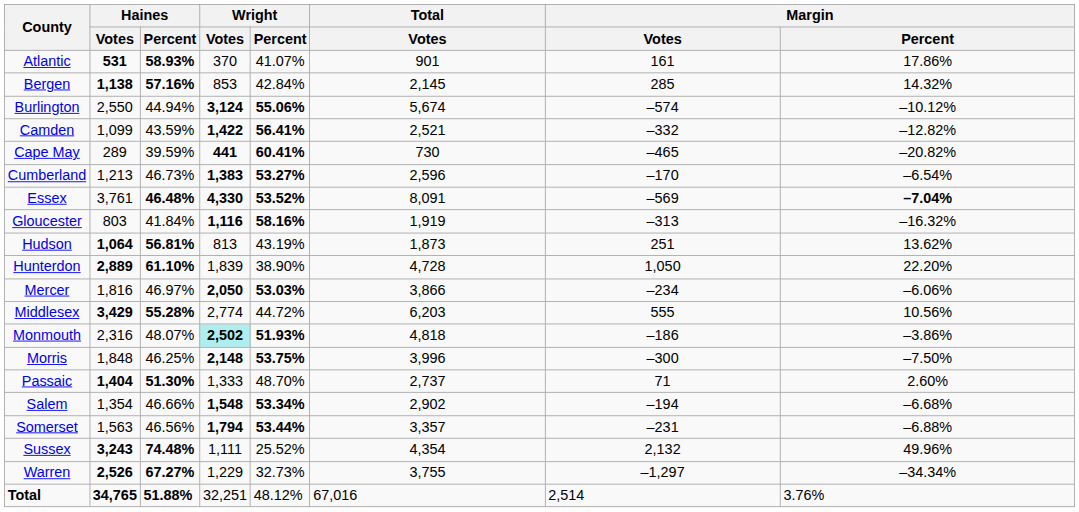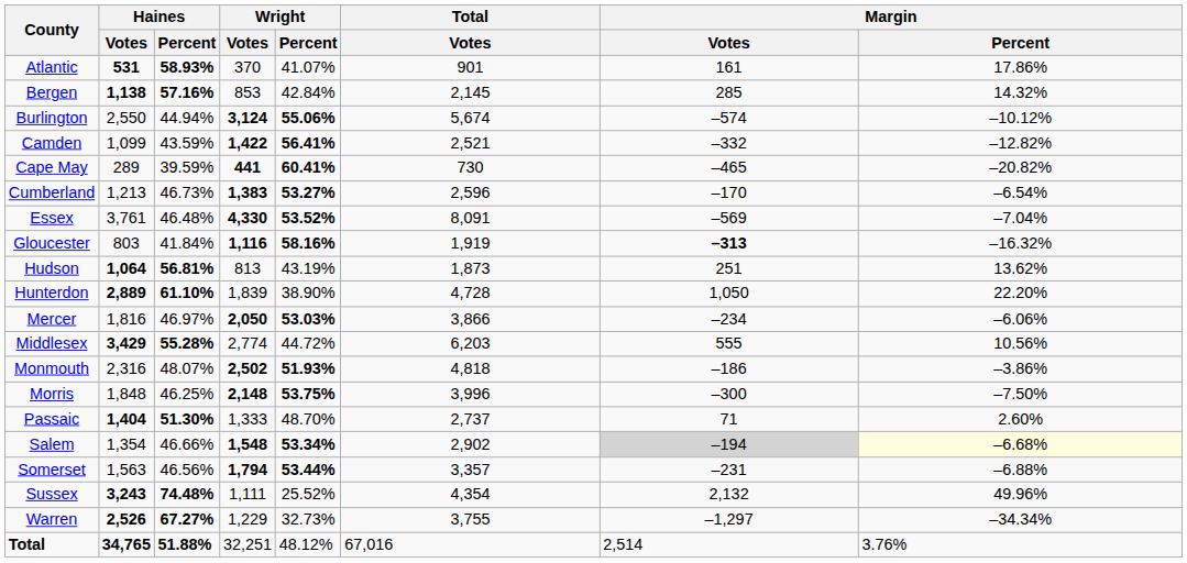 <table style="width:60%;" class="wikitable sortable">
 <tr style="background:lightgrey;">
 <th style="width:3%;" rowspan=2>County</th>
 <th style="width:2%;" colspan="2">Haines</th>
 <th style="width:2%;" colspan=2>Wright</th>
 <th>Total</th>
 <th colspan="2">Margin</th>
 </tr>
 <tr>
 <th>Votes</th>
 <th>Percent</th>
 <th>Votes</th>
 <th>Percent</th>
 <th>Votes</th>
 <th>Votes</th>
 <th>Percent</th>
 </tr>
 <tr style="text-align:center;"|>
 <td><a href='#'>Atlantic</a></td>
 <td><strong>531</strong></td>
 <td><strong>58.93%</strong></td>
 <td>370</td>
 <td>41.07%</td>
 <td>901</td>
 <td>161</td>
 <td>17.86%</td>
 </tr>
 <tr style="text-align:center;"|>
 <td><a href='#'>Bergen</a></td>
 <td><strong>1,138</strong></td>
 <td><strong>57.16%</strong></td>
 <td>853</td>
 <td>42.84%</td>
 <td>2,145</td>
 <td>285</td>
 <td>14.32%</td>
 </tr>
 <tr style="text-align:center;"|>
 <td><a href='#'>Burlington</a></td>
 <td>2,550</td>
 <td>44.94%</td>
 <td><strong>3,124</strong></td>
 <td><strong>55.06%</strong></td>
 <td>5,674</td>
 <td>–574</td>
 <td>–10.12%</td>
 </tr>
 <tr style="text-align:center;"|>
 <td><a href='#'>Camden</a></td>
 <td>1,099</td>
 <td>43.59%</td>
 <td><strong>1,422</strong></td>
 <td><strong>56.41%</strong></td>
 <td>2,521</td>
 <td>–332</td>
 <td>–12.82%</td>
 </tr>
 <tr style="text-align:center;"|>
 <td><a href='#'>Cape May</a></td>
 <td>289</td>
 <td>39.59%</td>
 <td><strong>441</strong></td>
 <td><strong>60.41%</strong></td>
 <td>730</td>
 <td>–465</td>
 <td>–20.82%</td>
 </tr>
 <tr style="text-align:center;"|>
 <td><a href='#'>Cumberland</a></td>
 <td>1,213</td>
 <td>46.73%</td>
 <td><strong>1,383</strong></td>
 <td><strong>53.27%</strong></td>
 <td>2,596</td>
 <td>–170</td>
 <td>–6.54%</td>
 </tr>
 <tr style="text-align:center;"|>
 <td><a href='#'>Essex</a></td>
 <td>3,761</td>
-<td><strong>46.48%</strong></td>
+<td>46.48%</td>
 <td><strong>4,330</strong></td>
 <td><strong>53.52%</strong></td>
 <td>8,091</td>
 <td>–569</td>
-<td><strong>–7.04%</strong></td>
+<td>–7.04%</td>
 </tr>
 <tr style="text-align:center;"|>
 <td><a href='#'>Gloucester</a></td>
 <td>803</td>
 <td>41.84%</td>
 <td><strong>1,116</strong></td>
 <td><strong>58.16%</strong></td>
 <td>1,919</td>
-<td>–313</td>
+<td><strong>–313</strong></td>
 <td>–16.32%</td>
 </tr>
 <tr style="text-align:center;"|>
 <td><a href='#'>Hudson</a></td>
 <td><strong>1,064</strong></td>
 <td><strong>56.81%</strong></td>
 <td>813</td>
 <td>43.19%</td>
 <td>1,873</td>
 <td>251</td>
 <td>13.62%</td>
 </tr>
 <tr style="text-align:center;"|>
 <td><a href='#'>Hunterdon</a></td>
 <td><strong>2,889</strong></td>
 <td><strong>61.10%</strong></td>
 <td>1,839</td>
 <td>38.90%</td>
 <td>4,728</td>
 <td>1,050</td>
 <td>22.20%</td>
 </tr>
 <tr style="text-align:center;"|>
 <td><a href='#'>Mercer</a></td>
 <td>1,816</td>
 <td>46.97%</td>
 <td><strong>2,050</strong></td>
 <td><strong>53.03%</strong></td>
 <td>3,866</td>
 <td>–234</td>
 <td>–6.06%</td>
 </tr>
 <tr style="text-align:center;"|>
 <td><a href='#'>Middlesex</a></td>
 <td><strong>3,429</strong></td>
 <td><strong>55.28%</strong></td>
 <td>2,774</td>
 <td>44.72%</td>
 <td>6,203</td>
 <td>555</td>
 <td>10.56%</td>
 </tr>
 <tr style="text-align:center;"|>
 <td><a href='#'>Monmouth</a></td>
 <td>2,316</td>
 <td>48.07%</td>
-<td style="background: paleturquoise;"><strong>2,502</strong></td>
+<td><strong>2,502</strong></td>
 <td><strong>51.93%</strong></td>
 <td>4,818</td>
 <td>–186</td>
 <td>–3.86%</td>
 </tr>
 <tr style="text-align:center;"|>
 <td><a href='#'>Morris</a></td>
 <td>1,848</td>
 <td>46.25%</td>
 <td><strong>2,148</strong></td>
 <td><strong>53.75%</strong></td>
 <td>3,996</td>
 <td>–300</td>
 <td>–7.50%</td>
 </tr>
 <tr style="text-align:center;"|>
 <td><a href='#'>Passaic</a></td>
 <td><strong>1,404</strong></td>
 <td><strong>51.30%</strong></td>
 <td>1,333</td>
 <td>48.70%</td>
 <td>2,737</td>
 <td>71</td>
 <td>2.60%</td>
 </tr>
 <tr style="text-align:center;"|>
 <td><a href='#'>Salem</a></td>
 <td>1,354</td>
 <td>46.66%</td>
 <td><strong>1,548</strong></td>
 <td><strong>53.34%</strong></td>
 <td>2,902</td>
-<td>–194</td>
-<td>–6.68%</td>
+<td style="background: lightgrey;">–194</td>
+<td style="background: lightyellow;">–6.68%</td>
 </tr>
 <tr style="text-align:center;"|>
 <td><a href='#'>Somerset</a></td>
 <td>1,563</td>
 <td>46.56%</td>
 <td><strong>1,794</strong></td>
 <td><strong>53.44%</strong></td>
 <td>3,357</td>
 <td>–231</td>
 <td>–6.88%</td>
 </tr>
 <tr style="text-align:center;"|>
 <td><a href='#'>Sussex</a></td>
 <td><strong>3,243</strong></td>
 <td><strong>74.48%</strong></td>
 <td>1,111</td>
 <td>25.52%</td>
 <td>4,354</td>
 <td>2,132</td>
 <td>49.96%</td>
 </tr>
 <tr style="text-align:center;"|>
 <td><a href='#'>Warren</a></td>
 <td><strong>2,526</strong></td>
 <td><strong>67.27%</strong></td>
 <td>1,229</td>
 <td>32.73%</td>
 <td>3,755</td>
 <td>–1,297</td>
 <td>–34.34%</td>
 </tr>
 <tr>
 <td><strong>Total</strong></td>
 <td><strong>34,765</strong></td>
 <td><strong>51.88%</strong></td>
 <td>32,251</td>
 <td>48.12%</td>
 <td>67,016</td>
 <td>2,514</td>
 <td>3.76%</td>
 </tr>
 </table>
